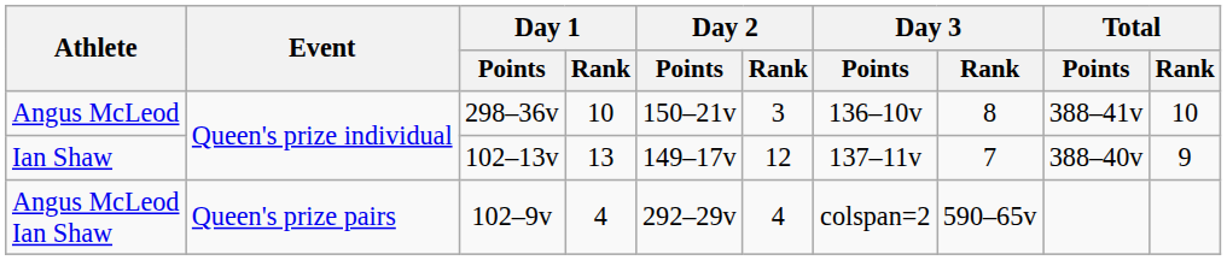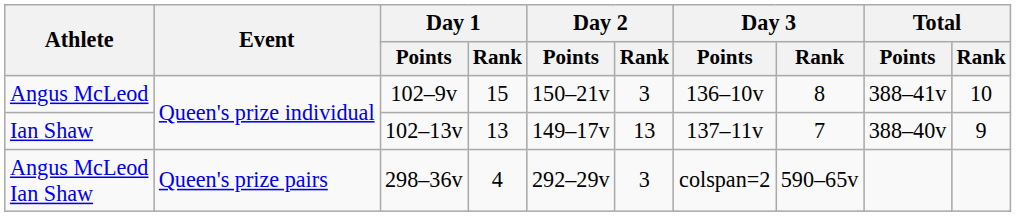 <table class="wikitable" style="font-size:90%">
 <tr>
 <th rowspan=2>Athlete</th>
 <th rowspan=2>Event</th>
 <th colspan=2>Day 1</th>
 <th colspan=2>Day 2</th>
 <th colspan=2>Day 3</th>
 <th colspan=2>Total</th>
 </tr>
 <tr style="font-size:95%">
 <th>Points</th>
 <th>Rank</th>
 <th>Points</th>
 <th>Rank</th>
 <th>Points</th>
 <th>Rank</th>
 <th>Points</th>
 <th>Rank</th>
 </tr>
 <tr align=center>
 <td align=left><a href='#'>Angus McLeod</a></td>
 <td align=left rowspan=2><a href='#'>Queen's prize individual</a></td>
-<td>298–36v</td>
-<td>10</td>
+<td>102–9v</td>
+<td>15</td>
 <td>150–21v</td>
 <td>3</td>
 <td>136–10v</td>
 <td>8</td>
 <td>388–41v</td>
 <td>10</td>
 </tr>
 <tr align=center>
 <td align=left><a href='#'>Ian Shaw</a></td>
 <td>102–13v</td>
 <td>13</td>
 <td>149–17v</td>
-<td>12</td>
+<td>13</td>
 <td>137–11v</td>
 <td>7</td>
 <td>388–40v</td>
 <td>9</td>
 </tr>
 <tr align=center>
 <td align=left><a href='#'>Angus McLeod</a><br><a href='#'>Ian Shaw</a></td>
 <td align=left><a href='#'>Queen's prize pairs</a></td>
-<td>102–9v</td>
+<td>298–36v</td>
 <td>4</td>
 <td>292–29v</td>
-<td>4</td>
+<td>3</td>
 <td>colspan=2 </td>
 <td>590–65v</td>
 <td></td>
 </tr>
 </table>
